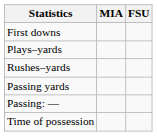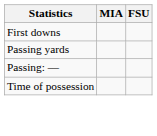 <table class="wikitable" style="float:left">
 <tr>
 <th>Statistics</th>
 <th>MIA</th>
 <th>FSU</th>
 </tr>
 <tr>
 <td>First downs</td>
-<td></td>
-<td></td>
-</tr>
-<tr>
-<td>Plays–yards</td>
-<td></td>
-<td></td>
-</tr>
-<tr>
-<td>Rushes–yards</td>
 <td></td>
 <td></td>
 </tr>
 <tr>
 <td>Passing yards</td>
 <td></td>
 <td></td>
 </tr>
 <tr>
 <td>Passing: ––</td>
 <td></td>
 <td></td>
 </tr>
 <tr>
 <td>Time of possession</td>
 <td></td>
 <td></td>
 </tr>
 </table>
